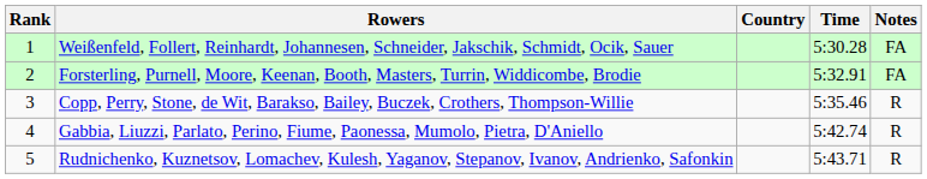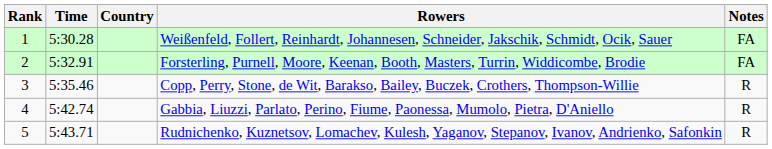 <table class="wikitable" style="text-align:center">
 <tr>
 <th>Rank</th>
+<th>Time</th>
+<th>Country</th>
 <th>Rowers</th>
-<th>Country</th>
-<th>Time</th>
 <th>Notes</th>
 </tr>
 <tr bgcolor=ccffcc>
 <td>1</td>
+<td>5:30.28</td>
+<td align="left"></td>
 <td align="left"><a href='#'>Weißenfeld</a>, <a href='#'>Follert</a>, <a href='#'>Reinhardt</a>, <a href='#'>Johannesen</a>, <a href='#'>Schneider</a>, <a href='#'>Jakschik</a>, <a href='#'>Schmidt</a>, <a href='#'>Ocik</a>, <a href='#'>Sauer</a></td>
-<td align="left"></td>
-<td>5:30.28</td>
 <td>FA</td>
 </tr>
 <tr bgcolor=ccffcc>
 <td>2</td>
+<td>5:32.91</td>
+<td align="left"></td>
 <td align="left"><a href='#'>Forsterling</a>, <a href='#'>Purnell</a>, <a href='#'>Moore</a>, <a href='#'>Keenan</a>, <a href='#'>Booth</a>, <a href='#'>Masters</a>, <a href='#'>Turrin</a>, <a href='#'>Widdicombe</a>, <a href='#'>Brodie</a></td>
-<td align="left"></td>
-<td>5:32.91</td>
 <td>FA</td>
 </tr>
 <tr>
 <td>3</td>
+<td>5:35.46</td>
+<td align="left"></td>
 <td align="left"><a href='#'>Copp</a>, <a href='#'>Perry</a>, <a href='#'>Stone</a>, <a href='#'>de Wit</a>, <a href='#'>Barakso</a>, <a href='#'>Bailey</a>, <a href='#'>Buczek</a>, <a href='#'>Crothers</a>, <a href='#'>Thompson-Willie</a></td>
-<td align="left"></td>
-<td>5:35.46</td>
 <td>R</td>
 </tr>
 <tr>
 <td>4</td>
+<td>5:42.74</td>
+<td align="left"></td>
 <td align="left"><a href='#'>Gabbia</a>, <a href='#'>Liuzzi</a>, <a href='#'>Parlato</a>, <a href='#'>Perino</a>, <a href='#'>Fiume</a>, <a href='#'>Paonessa</a>, <a href='#'>Mumolo</a>, <a href='#'>Pietra</a>, <a href='#'>D'Aniello</a></td>
-<td align="left"></td>
-<td>5:42.74</td>
 <td>R</td>
 </tr>
 <tr>
 <td>5</td>
+<td>5:43.71</td>
+<td align="left"></td>
 <td align="left"><a href='#'>Rudnichenko</a>, <a href='#'>Kuznetsov</a>, <a href='#'>Lomachev</a>, <a href='#'>Kulesh</a>, <a href='#'>Yaganov</a>, <a href='#'>Stepanov</a>, <a href='#'>Ivanov</a>, <a href='#'>Andrienko</a>, <a href='#'>Safonkin</a></td>
-<td align="left"></td>
-<td>5:43.71</td>
 <td>R</td>
 </tr>
 </table>
